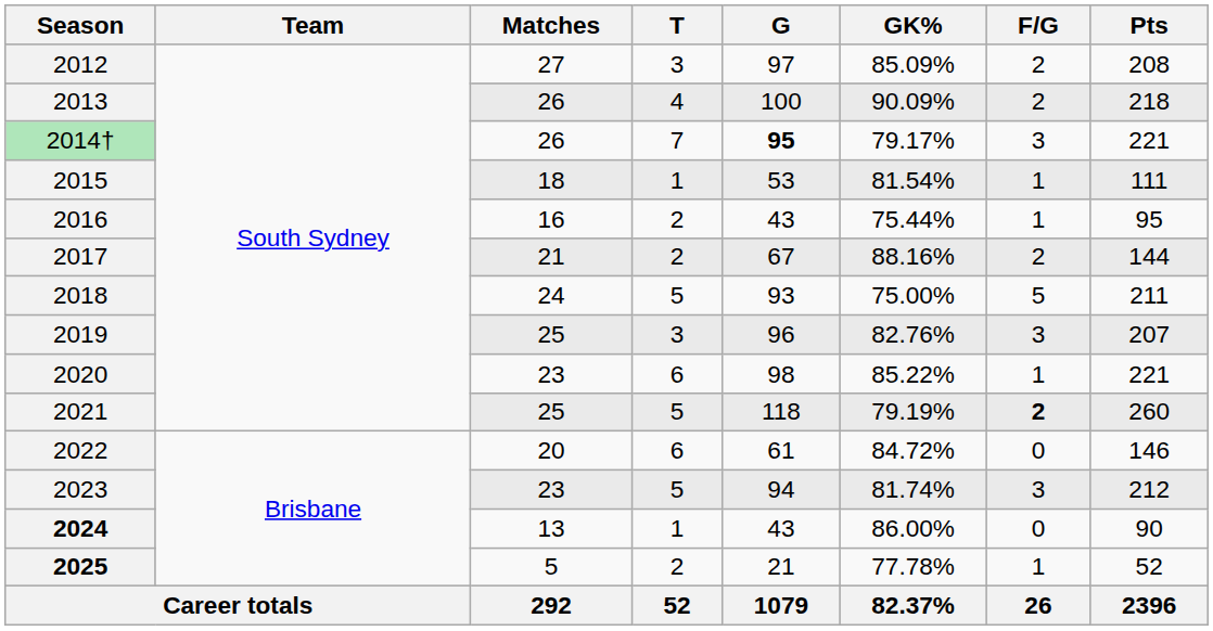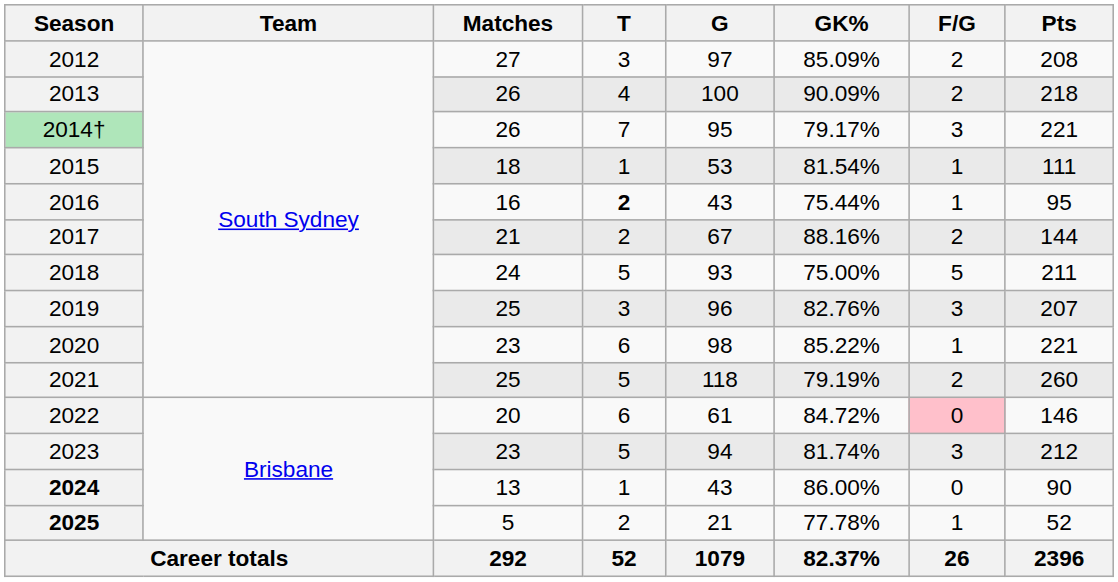 <table class="wikitable sortable" style="font-size:90%; text-align:center; width:80%;">
 <tr>
 <th width="2%">Season</th>
 <th width="8%">Team</th>
 <th width="2%">Matches</th>
 <th width="2%">T</th>
 <th width="2%">G</th>
 <th width="2%">GK%</th>
 <th width="2%">F/G</th>
 <th width="2%">Pts</th>
 </tr>
 <tr>
 <th scope="row" style="text-align:center; font-weight:normal">2012</th>
 <td rowspan="10" style="text-align:center;"> <a href='#'>South Sydney</a></td>
 <td>27</td>
 <td>3</td>
 <td>97</td>
 <td>85.09%</td>
 <td>2</td>
 <td>208</td>
 </tr>
 <tr style="background:#eaeaea;">
 <th scope="row" style="text-align:center; font-weight:normal">2013</th>
 <td>26</td>
 <td>4</td>
 <td>100</td>
 <td>90.09%</td>
 <td>2</td>
 <td>218</td>
 </tr>
 <tr>
 <th scope="row" style="text-align:center; font-weight:normal; background:#afe6ba;">2014†</th>
 <td>26</td>
 <td>7</td>
-<td><strong>95</strong></td>
+<td>95</td>
 <td>79.17%</td>
 <td>3</td>
 <td>221</td>
 </tr>
 <tr style="background:#eaeaea;">
 <th scope="row" style="text-align:center; font-weight:normal">2015</th>
 <td>18</td>
 <td>1</td>
 <td>53</td>
 <td>81.54%</td>
 <td>1</td>
 <td>111</td>
 </tr>
 <tr>
 <th scope="row" style="text-align:center; font-weight:normal">2016</th>
 <td>16</td>
-<td>2</td>
+<td><strong>2</strong></td>
 <td>43</td>
 <td>75.44%</td>
 <td>1</td>
 <td>95</td>
 </tr>
 <tr style="background:#eaeaea;">
 <th scope="row" style="text-align:center; font-weight:normal">2017</th>
 <td>21</td>
 <td>2</td>
 <td>67</td>
 <td>88.16%</td>
 <td>2</td>
 <td>144</td>
 </tr>
 <tr>
 <th scope="row" style="text-align:center; font-weight:normal">2018</th>
 <td>24</td>
 <td>5</td>
 <td>93</td>
 <td>75.00%</td>
 <td>5</td>
 <td>211</td>
 </tr>
 <tr style="background:#eaeaea;">
 <th scope="row" style="text-align:center; font-weight:normal">2019</th>
 <td>25</td>
 <td>3</td>
 <td>96</td>
 <td>82.76%</td>
 <td>3</td>
 <td>207</td>
 </tr>
 <tr>
 <th scope="row" style="text-align:center; font-weight:normal">2020</th>
 <td>23</td>
 <td>6</td>
 <td>98</td>
 <td>85.22%</td>
 <td>1</td>
 <td>221</td>
 </tr>
 <tr style="background:#eaeaea;">
 <th scope="row" style="text-align:center; font-weight:normal">2021</th>
 <td>25</td>
 <td>5</td>
 <td>118</td>
 <td>79.19%</td>
-<td><strong>2</strong></td>
+<td>2</td>
 <td>260</td>
 </tr>
 <tr>
 <th scope="row" style="text-align:center; font-weight:normal">2022</th>
 <td rowspan="4" style="text-align:center;"> <a href='#'>Brisbane</a></td>
 <td>20</td>
 <td>6</td>
 <td>61</td>
 <td>84.72%</td>
-<td>0</td>
+<td style="background: pink;">0</td>
 <td>146</td>
 </tr>
 <tr style="background:#eaeaea;">
 <th scope="row" style="text-align:center; font-weight:normal">2023</th>
 <td>23</td>
 <td>5</td>
 <td>94</td>
 <td>81.74%</td>
 <td>3</td>
 <td>212</td>
 </tr>
 <tr>
 <th>2024</th>
 <td>13</td>
 <td>1</td>
 <td>43</td>
 <td>86.00%</td>
 <td>0</td>
 <td>90</td>
 </tr>
 <tr>
 <th>2025</th>
 <td>5</td>
 <td>2</td>
 <td>21</td>
 <td>77.78%</td>
 <td>1</td>
 <td>52</td>
 </tr>
 <tr class="sortbottom">
 <th colspan="2">Career totals</th>
 <th>292</th>
 <th>52</th>
 <th>1079</th>
 <th>82.37%</th>
 <th>26</th>
 <th>2396</th>
 </tr>
 </table>
